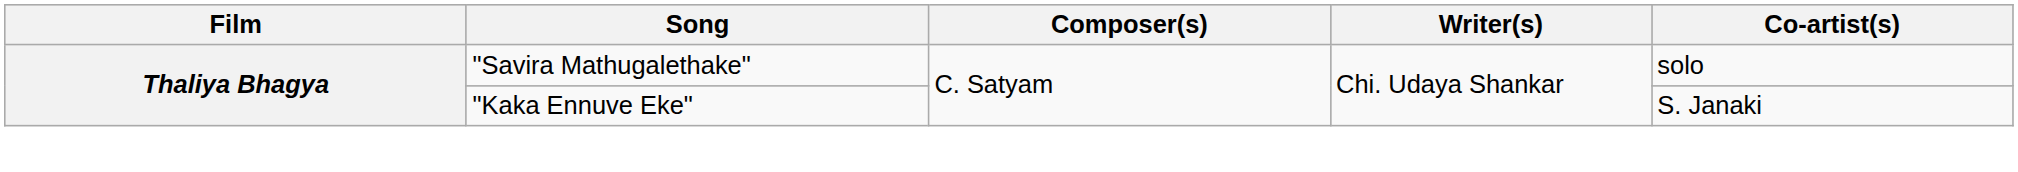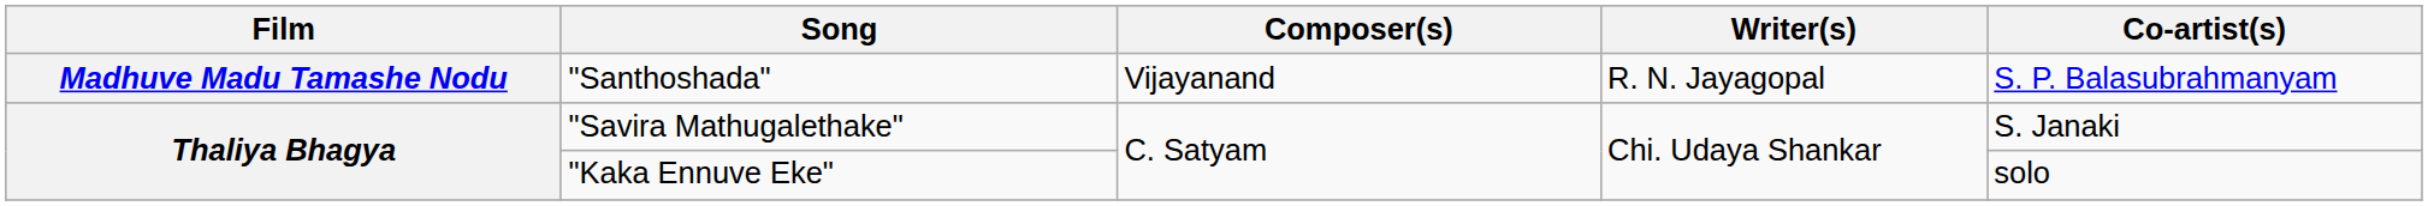 <table class="wikitable plainrowheaders" width="100%" textcolor:#000;">
 <tr style="background:#b0e0e66;">
 <th scope="col" width=23%><strong>Film</strong></th>
 <th scope="col" width=23%><strong>Song</strong></th>
 <th scope="col" width=20%><strong>Composer(s)</strong></th>
 <th scope="col" width=16%><strong>Writer(s)</strong></th>
 <th scope="col" width=18%><strong>Co-artist(s)</strong></th>
 </tr>
 <tr>
+<th Rowspan><em><a href='#'>Madhuve Madu Tamashe Nodu</a></em></th>
+<td>"Santhoshada"</td>
+<td rowspan=>Vijayanand</td>
+<td rowspan=>R. N. Jayagopal</td>
+<td><a href='#'>S. P. Balasubrahmanyam</a></td>
+</tr>
+<tr>
 <th Rowspan=2><em>Thaliya Bhagya</em></th>
 <td>"Savira Mathugalethake"</td>
 <td rowspan=2>C. Satyam</td>
 <td rowspan=2>Chi. Udaya Shankar</td>
-<td>solo</td>
+<td>S. Janaki</td>
 </tr>
 <tr>
 <td>"Kaka Ennuve Eke"</td>
-<td>S. Janaki</td>
+<td>solo</td>
 </tr>
 </table>
